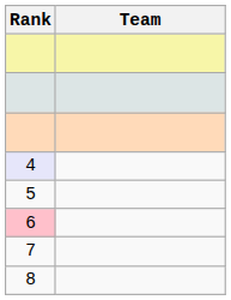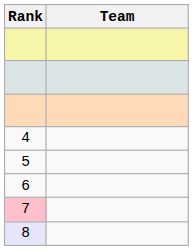 <table class="wikitable" style="text-align:center">
 <tr>
 <th width=15>Rank</th>
 <th width=120>Team</th>
 </tr>
 <tr style="background:#f7f6a8;">
 <td style="text-align:center; height:23px;"></td>
 <td align=left></td>
 </tr>
 <tr style="background:#dce5e5;">
 <td style="text-align:center; height:23px;"></td>
 <td align=left></td>
 </tr>
 <tr style="background:#ffdab9;">
 <td style="text-align:center; height:23px;"></td>
 <td align=left></td>
 </tr>
 <tr>
-<td style="background: lavender;">4</td>
+<td>4</td>
 <td align=left></td>
 </tr>
 <tr>
 <td>5</td>
 <td align=left></td>
 </tr>
 <tr>
-<td style="background: pink;">6</td>
+<td>6</td>
 <td align=left></td>
 </tr>
 <tr>
-<td>7</td>
+<td style="background: pink;">7</td>
 <td align=left></td>
 </tr>
 <tr>
-<td>8</td>
+<td style="background: lavender;">8</td>
 <td align=left></td>
 </tr>
 </table>
